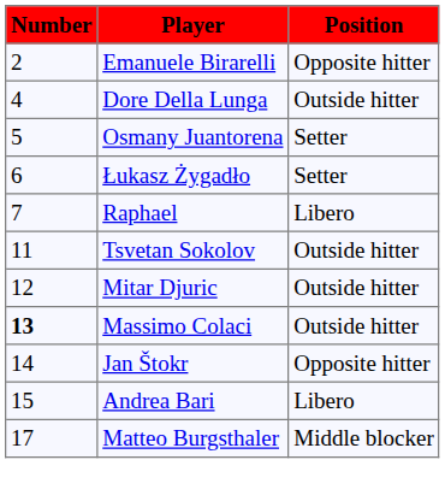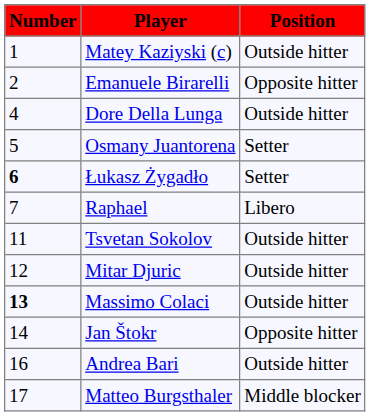 <table bgcolor="#f7f8ff" cellpadding="3" cellspacing="0" border="1" style="font-size: 95%; border: gray solid 1px; border-collapse: collapse;">
 <tr bgcolor="#ff0000">
 <td align=center><strong>Number</strong></td>
 <td align=center><strong>Player</strong></td>
 <td align=center><strong>Position</strong></td>
+</tr>
+<tr align="left">
+<td>1</td>
+<td> <a href='#'>Matey Kaziyski</a> (<a href='#'>c</a>)</td>
+<td>Outside hitter</td>
 </tr>
 <tr align=left>
 <td>2</td>
 <td> <a href='#'>Emanuele Birarelli</a></td>
 <td>Opposite hitter</td>
 </tr>
 <tr align="left">
 <td>4</td>
 <td> <a href='#'>Dore Della Lunga</a></td>
 <td>Outside hitter</td>
 </tr>
 <tr align="left">
 <td>5</td>
 <td> <a href='#'>Osmany Juantorena</a></td>
 <td>Setter</td>
 </tr>
 <tr align="left">
-<td>6</td>
+<td><strong>6</strong></td>
 <td> <a href='#'>Łukasz Żygadło</a></td>
 <td>Setter</td>
 </tr>
 <tr align="left">
 <td>7</td>
 <td> <a href='#'>Raphael</a></td>
 <td>Libero</td>
 </tr>
 <tr align="left">
 <td>11</td>
 <td> <a href='#'>Tsvetan Sokolov</a></td>
 <td>Outside hitter</td>
 </tr>
 <tr align="left">
 <td>12</td>
 <td> <a href='#'>Mitar Djuric</a></td>
 <td>Outside hitter</td>
 </tr>
 <tr align="left">
 <td><strong>13</strong></td>
 <td> <a href='#'>Massimo Colaci</a></td>
 <td>Outside hitter</td>
 </tr>
 <tr align="left">
 <td>14</td>
 <td> <a href='#'>Jan Štokr</a></td>
 <td>Opposite hitter</td>
 </tr>
 <tr align="left">
-<td>15</td>
+<td>16</td>
 <td> <a href='#'>Andrea Bari</a></td>
-<td>Libero</td>
+<td>Outside hitter</td>
 </tr>
 <tr align="left">
 <td>17</td>
 <td> <a href='#'>Matteo Burgsthaler</a></td>
 <td>Middle blocker</td>
 </tr>
 </table>
